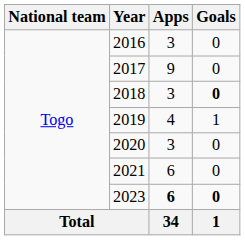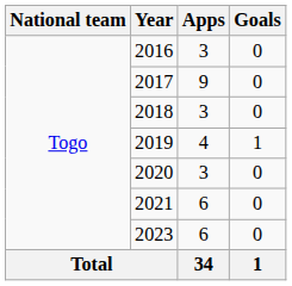 <table class=wikitable style=text-align:center>
 <tr>
 <th>National team</th>
 <th>Year</th>
 <th>Apps</th>
 <th>Goals</th>
 </tr>
 <tr>
 <td rowspan="7"><a href='#'>Togo</a></td>
 <td>2016</td>
 <td>3</td>
 <td>0</td>
 </tr>
 <tr>
 <td>2017</td>
 <td>9</td>
 <td>0</td>
 </tr>
 <tr>
 <td>2018</td>
 <td>3</td>
-<td><strong>0</strong></td>
+<td>0</td>
 </tr>
 <tr>
 <td>2019</td>
 <td>4</td>
 <td>1</td>
 </tr>
 <tr>
 <td>2020</td>
 <td>3</td>
 <td>0</td>
 </tr>
 <tr>
 <td>2021</td>
 <td>6</td>
 <td>0</td>
 </tr>
 <tr>
 <td>2023</td>
-<td><strong>6</strong></td>
-<td><strong>0</strong></td>
+<td>6</td>
+<td>0</td>
 </tr>
 <tr>
 <th colspan="2">Total</th>
 <th>34</th>
 <th>1</th>
 </tr>
 </table>
